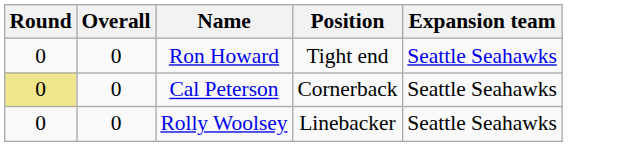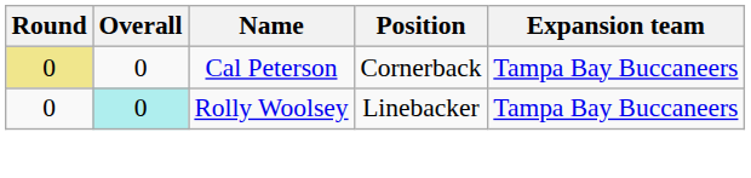 <table class="wikitable" style="text-align:center">
 <tr>
 <th>Round</th>
 <th>Overall</th>
 <th>Name</th>
 <th>Position</th>
 <th>Expansion team</th>
 </tr>
 <tr>
-<td>0</td>
-<td>0</td>
-<td><a href='#'>Ron Howard</a></td>
-<td>Tight end</td>
-<td><a href='#'>Seattle Seahawks</a></td>
-</tr>
-<tr>
 <td style="background: khaki;">0</td>
 <td>0</td>
 <td><a href='#'>Cal Peterson</a></td>
 <td>Cornerback</td>
-<td>Seattle Seahawks</td>
+<td><a href='#'>Tampa Bay Buccaneers</a></td>
 </tr>
 <tr>
 <td>0</td>
-<td>0</td>
+<td style="background: paleturquoise;">0</td>
 <td><a href='#'>Rolly Woolsey</a></td>
 <td>Linebacker</td>
-<td>Seattle Seahawks</td>
+<td><a href='#'>Tampa Bay Buccaneers</a></td>
 </tr>
 </table>
